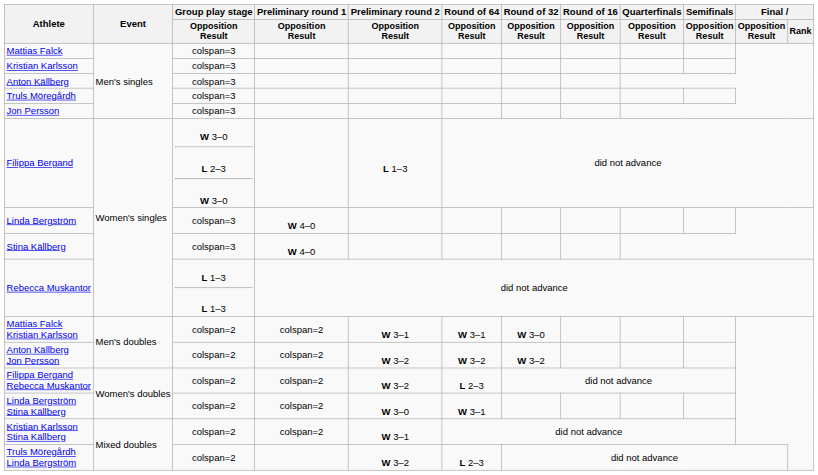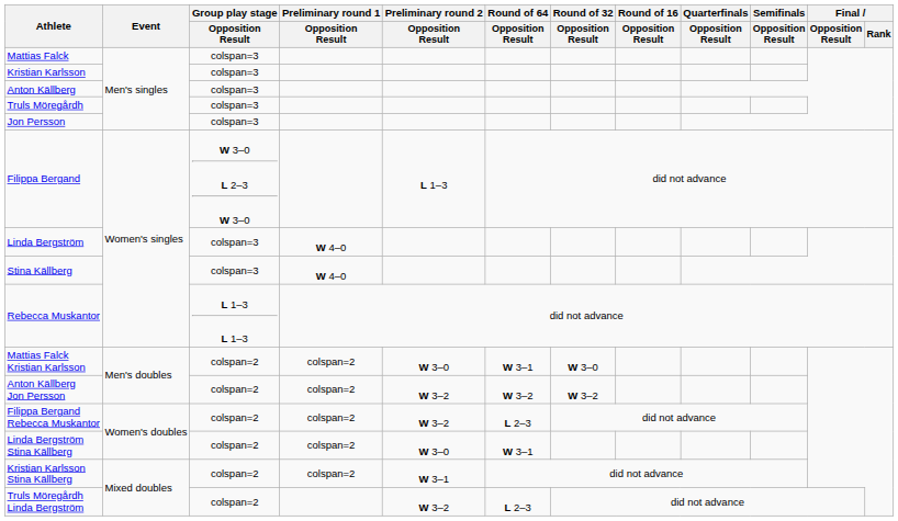 <table class="wikitable" style="font-size:90%;">
 <tr>
 <th rowspan=2>Athlete</th>
 <th rowspan=2>Event</th>
 <th>Group play stage</th>
 <th>Preliminary round 1</th>
 <th>Preliminary round 2</th>
 <th>Round of 64</th>
 <th>Round of 32</th>
 <th>Round of 16</th>
 <th>Quarterfinals</th>
 <th>Semifinals</th>
 <th colspan=2>Final / </th>
 </tr>
 <tr style="font-size:95%">
 <th>Opposition<br>Result</th>
 <th>Opposition<br>Result</th>
 <th>Opposition<br>Result</th>
 <th>Opposition<br>Result</th>
 <th>Opposition<br>Result</th>
 <th>Opposition<br>Result</th>
 <th>Opposition<br>Result</th>
 <th>Opposition<br>Result</th>
 <th>Opposition<br>Result</th>
 <th>Rank</th>
 </tr>
 <tr align=center>
 <td align=left><a href='#'>Mattias Falck</a></td>
 <td align=left rowspan=5>Men's singles</td>
 <td>colspan=3 </td>
 <td></td>
 <td></td>
 <td></td>
 <td></td>
 <td></td>
 <td></td>
 <td></td>
 </tr>
 <tr align=center>
 <td align=left><a href='#'>Kristian Karlsson</a></td>
 <td>colspan=3 </td>
 <td></td>
 <td></td>
 <td></td>
 <td></td>
 <td></td>
 <td></td>
 <td></td>
 </tr>
 <tr align=center>
 <td align=left><a href='#'>Anton Källberg</a></td>
 <td>colspan=3 </td>
 <td></td>
 <td></td>
 <td></td>
 <td></td>
 <td></td>
 </tr>
 <tr align=center>
 <td align=left><a href='#'>Truls Möregårdh</a></td>
 <td>colspan=3 </td>
 <td></td>
 <td></td>
 <td></td>
 <td></td>
 <td></td>
 <td></td>
 <td></td>
 </tr>
 <tr align=center>
 <td align=left><a href='#'>Jon Persson</a></td>
 <td>colspan=3 </td>
 <td></td>
 <td></td>
 <td></td>
 <td></td>
 <td></td>
 </tr>
 <tr align=center>
 <td align=left><a href='#'>Filippa Bergand</a></td>
 <td align=left rowspan=4>Women's singles</td>
 <td><br><strong>W</strong> 3–0<hr><br><strong>L</strong> 2–3<hr><br><strong>W</strong> 3–0</td>
 <td></td>
 <td><br><strong>L</strong> 1–3</td>
 <td colspan=7>did not advance</td>
 </tr>
 <tr align=center>
 <td align=left><a href='#'>Linda Bergström</a></td>
 <td>colspan=3 </td>
 <td><br><strong>W</strong> 4–0</td>
 <td></td>
 <td></td>
 <td></td>
 <td></td>
 <td></td>
 <td></td>
 </tr>
 <tr align=center>
 <td align=left><a href='#'>Stina Källberg</a></td>
 <td>colspan=3 </td>
 <td><br><strong>W</strong> 4–0</td>
 <td></td>
 <td></td>
 <td></td>
 <td></td>
 </tr>
 <tr align=center>
 <td align=left><a href='#'>Rebecca Muskantor</a></td>
 <td><br><strong>L</strong> 1–3<hr><br><strong>L</strong> 1–3</td>
 <td colspan=9>did not advance</td>
 </tr>
 <tr align=center>
 <td align=left><a href='#'>Mattias Falck</a><br><a href='#'>Kristian Karlsson</a></td>
 <td align=left rowspan=2>Men's doubles</td>
 <td>colspan=2 </td>
 <td>colspan=2 </td>
-<td><br><strong>W</strong> 3–1</td>
+<td><br><strong>W</strong> 3–0</td>
 <td><br><strong>W</strong> 3–1</td>
 <td><br><strong>W</strong> 3–0</td>
 <td></td>
 <td></td>
 <td></td>
 </tr>
 <tr align=center>
 <td align=left><a href='#'>Anton Källberg</a><br><a href='#'>Jon Persson</a></td>
 <td>colspan=2 </td>
 <td>colspan=2 </td>
 <td><br><strong>W</strong> 3–2</td>
 <td><br><strong>W</strong> 3–2</td>
 <td><br><strong>W</strong> 3–2</td>
 <td></td>
 <td></td>
 <td></td>
 </tr>
 <tr align=center>
 <td align=left><a href='#'>Filippa Bergand</a><br><a href='#'>Rebecca Muskantor</a></td>
 <td align=left rowspan=2>Women's doubles</td>
 <td>colspan=2 </td>
 <td>colspan=2 </td>
 <td><br><strong>W</strong> 3–2</td>
 <td><br><strong>L</strong> 2–3</td>
 <td colspan=4>did not advance</td>
 </tr>
 <tr align=center>
 <td align=left><a href='#'>Linda Bergström</a><br><a href='#'>Stina Källberg</a></td>
 <td>colspan=2 </td>
 <td>colspan=2 </td>
 <td><br><strong>W</strong> 3–0</td>
 <td><br><strong>W</strong> 3–1</td>
 <td></td>
 <td></td>
 <td></td>
 <td></td>
 </tr>
 <tr align=center>
 <td align=left><a href='#'>Kristian Karlsson</a><br><a href='#'>Stina Källberg</a></td>
 <td align=left rowspan=2>Mixed doubles</td>
 <td>colspan=2 </td>
 <td>colspan=2 </td>
 <td><br><strong>W</strong> 3–1</td>
 <td colspan=5>did not advance</td>
 </tr>
 <tr align=center>
 <td align=left><a href='#'>Truls Möregårdh</a><br><a href='#'>Linda Bergström</a></td>
 <td>colspan=2 </td>
 <td></td>
 <td><br><strong>W</strong> 3–2</td>
 <td><br><strong>L</strong> 2–3</td>
 <td colspan=5>did not advance</td>
 </tr>
 </table>
